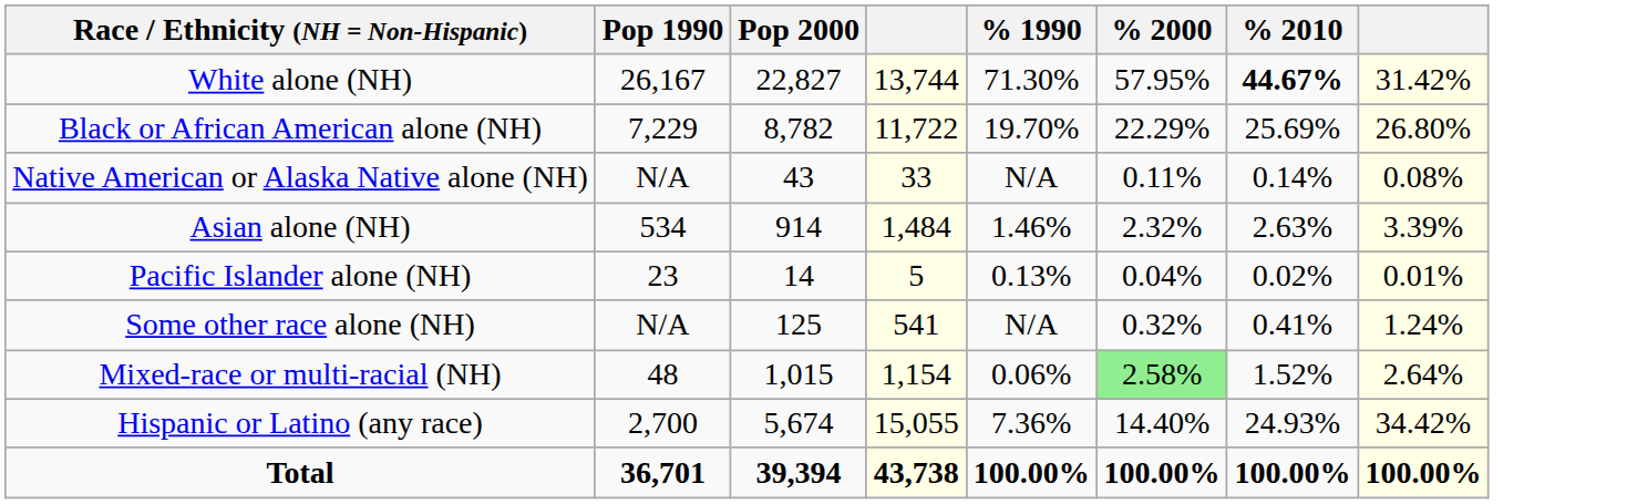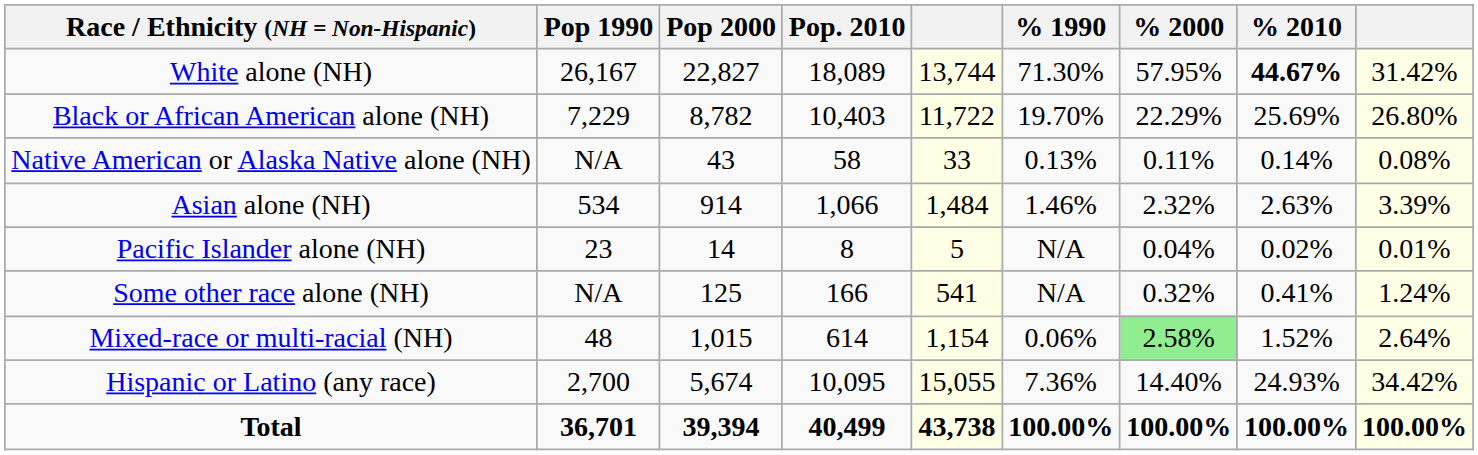 <table class="wikitable" style="text-align:center;">
 <tr>
 <th>Race / Ethnicity <small>(<em>NH = Non-Hispanic</em>)</small></th>
 <th>Pop 1990</th>
 <th>Pop 2000</th>
+<th>Pop. 2010</th>
 <th></th>
 <th>% 1990</th>
 <th>% 2000</th>
 <th>% 2010</th>
 <th></th>
 </tr>
 <tr>
 <td><a href='#'>White</a> alone (NH)</td>
 <td>26,167</td>
 <td>22,827</td>
+<td>18,089</td>
 <td style='background: #ffffe6;'>13,744</td>
 <td>71.30%</td>
 <td>57.95%</td>
 <td><strong>44.67%</strong></td>
 <td style='background: #ffffe6;'>31.42%</td>
 </tr>
 <tr>
 <td><a href='#'>Black or African American</a> alone (NH)</td>
 <td>7,229</td>
 <td>8,782</td>
+<td>10,403</td>
 <td style='background: #ffffe6;'>11,722</td>
 <td>19.70%</td>
 <td>22.29%</td>
 <td>25.69%</td>
 <td style='background: #ffffe6;'>26.80%</td>
 </tr>
 <tr>
 <td><a href='#'>Native American</a> or <a href='#'>Alaska Native</a> alone (NH)</td>
 <td>N/A</td>
 <td>43</td>
+<td>58</td>
 <td style='background: #ffffe6;'>33</td>
-<td>N/A</td>
+<td>0.13%</td>
 <td>0.11%</td>
 <td>0.14%</td>
 <td style='background: #ffffe6;'>0.08%</td>
 </tr>
 <tr>
 <td><a href='#'>Asian</a> alone (NH)</td>
 <td>534</td>
 <td>914</td>
+<td>1,066</td>
 <td style='background: #ffffe6;'>1,484</td>
 <td>1.46%</td>
 <td>2.32%</td>
 <td>2.63%</td>
 <td style='background: #ffffe6;'>3.39%</td>
 </tr>
 <tr>
 <td><a href='#'>Pacific Islander</a> alone (NH)</td>
 <td>23</td>
 <td>14</td>
+<td>8</td>
 <td style='background: #ffffe6;'>5</td>
-<td>0.13%</td>
+<td>N/A</td>
 <td>0.04%</td>
 <td>0.02%</td>
 <td style='background: #ffffe6;'>0.01%</td>
 </tr>
 <tr>
 <td><a href='#'>Some other race</a> alone (NH)</td>
 <td>N/A</td>
 <td>125</td>
+<td>166</td>
 <td style='background: #ffffe6;'>541</td>
 <td>N/A</td>
 <td>0.32%</td>
 <td>0.41%</td>
 <td style='background: #ffffe6;'>1.24%</td>
 </tr>
 <tr>
 <td><a href='#'>Mixed-race or multi-racial</a> (NH)</td>
 <td>48</td>
 <td>1,015</td>
+<td>614</td>
 <td style='background: #ffffe6;'>1,154</td>
 <td>0.06%</td>
 <td style="background: lightgreen;">2.58%</td>
 <td>1.52%</td>
 <td style='background: #ffffe6;'>2.64%</td>
 </tr>
 <tr>
 <td><a href='#'>Hispanic or Latino</a> (any race)</td>
 <td>2,700</td>
 <td>5,674</td>
+<td>10,095</td>
 <td style='background: #ffffe6;'>15,055</td>
 <td>7.36%</td>
 <td>14.40%</td>
 <td>24.93%</td>
 <td style='background: #ffffe6;'>34.42%</td>
 </tr>
 <tr>
 <td><strong>Total</strong></td>
 <td><strong>36,701</strong></td>
 <td><strong>39,394</strong></td>
+<td><strong>40,499</strong></td>
 <td style='background: #ffffe6;'><strong>43,738</strong></td>
 <td><strong>100.00%</strong></td>
 <td><strong>100.00%</strong></td>
 <td><strong>100.00%</strong></td>
 <td style='background: #ffffe6;'><strong>100.00%</strong></td>
 </tr>
 </table>
